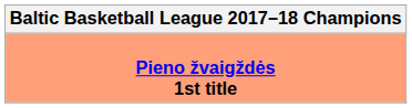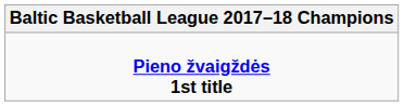 <table class=wikitable style="text-align:center; margin:auto">
 <tr>
 <th>Baltic Basketball League 2017–18 Champions</th>
 </tr>
 <tr>
-<td style="background: lightsalmon;"><br><strong><a href='#'>Pieno žvaigždės</a></strong><br><strong>1st title</strong></td>
+<td><br><strong><a href='#'>Pieno žvaigždės</a></strong><br><strong>1st title</strong></td>
 </tr>
 </table>
